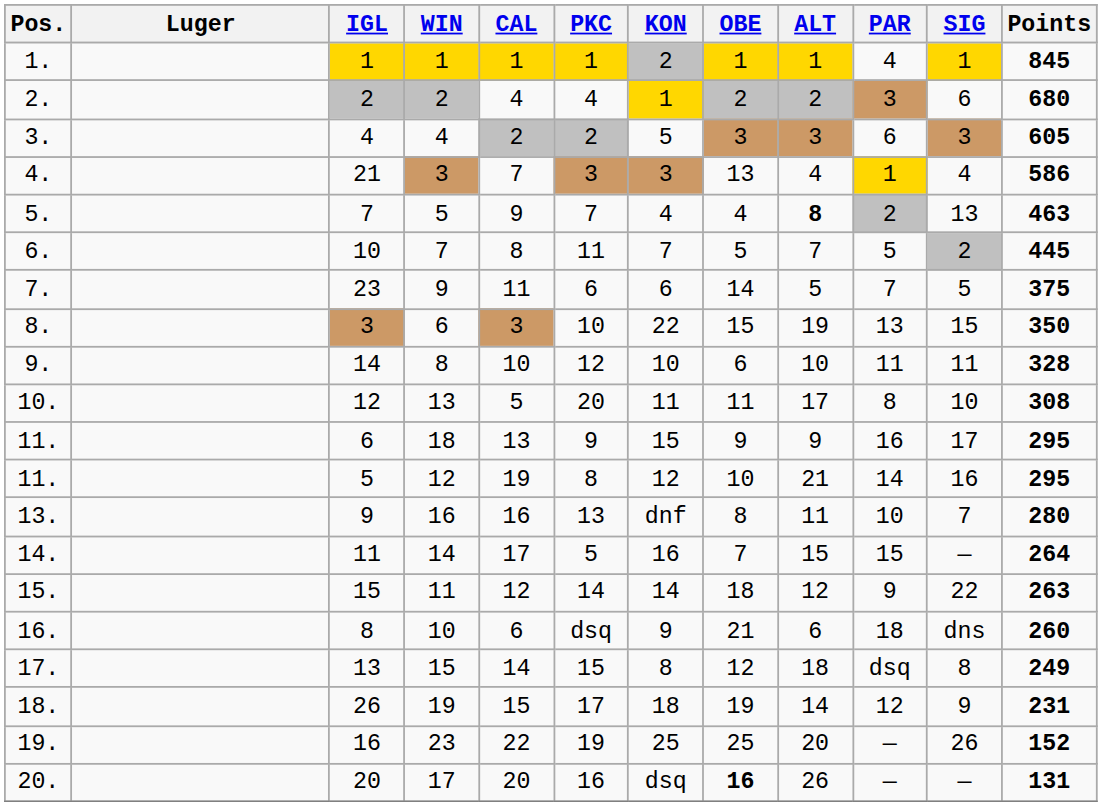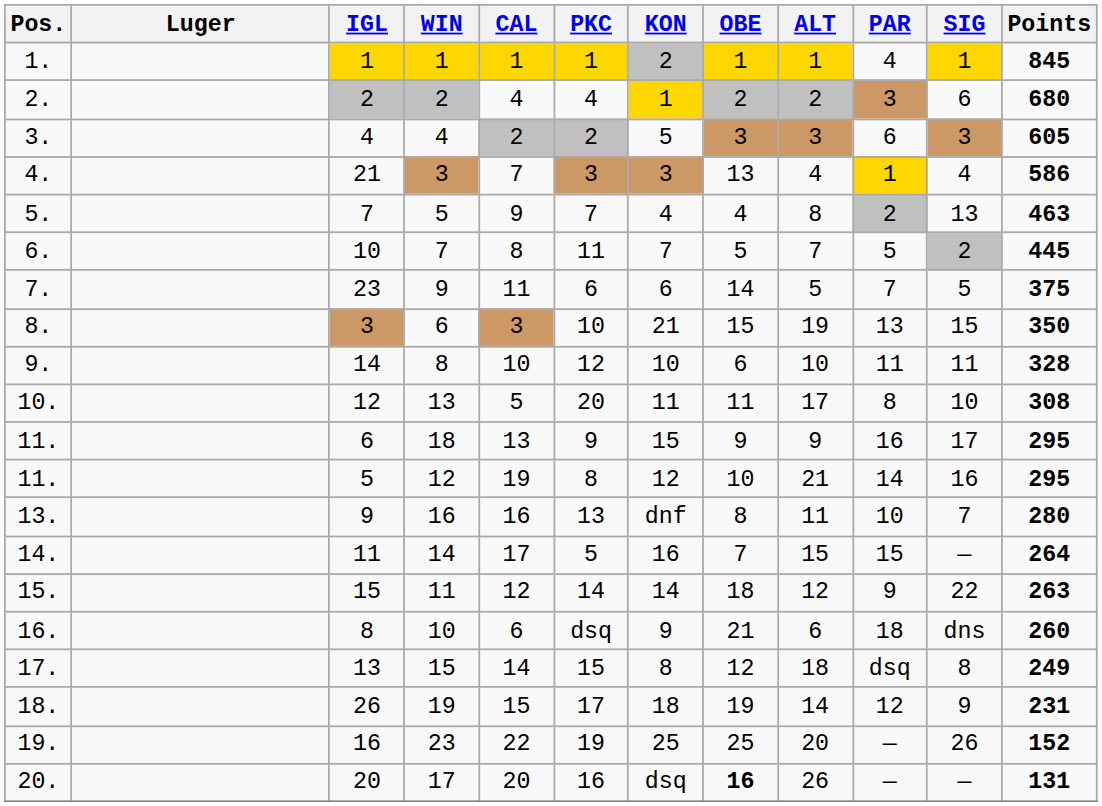 <table class=wikitable  bgcolor="#f7f8ff" cellpadding="3" cellspacing="0" border="1" style="text-align:center; border: gray solid 1px; border-collapse: collapse;">
 <tr bgcolor="#CCCCCC">
 <th width="10">Pos.</th>
 <th width="215">Luger</th>
 <th width="45"><a href='#'>IGL</a></th>
 <th width="45"><a href='#'>WIN</a></th>
 <th width="45"><a href='#'>CAL</a></th>
 <th width="45"><a href='#'>PKC</a></th>
 <th width="45"><a href='#'>KON</a></th>
 <th width="45"><a href='#'>OBE</a></th>
 <th width="45"><a href='#'>ALT</a></th>
 <th width="45"><a href='#'>PAR</a></th>
 <th width="45"><a href='#'>SIG</a></th>
 <th width="45">Points</th>
 </tr>
 <tr>
 <td>1.</td>
 <td align="left"></td>
 <td bgcolor="gold">1</td>
 <td bgcolor="gold">1</td>
 <td bgcolor="gold">1</td>
 <td bgcolor="gold">1</td>
 <td bgcolor="silver">2</td>
 <td bgcolor="gold">1</td>
 <td bgcolor="gold">1</td>
 <td>4</td>
 <td bgcolor="gold">1</td>
 <td><strong>845</strong></td>
 </tr>
 <tr>
 <td>2.</td>
 <td align="left"></td>
 <td bgcolor="silver">2</td>
 <td bgcolor="silver">2</td>
 <td>4</td>
 <td>4</td>
 <td bgcolor="gold">1</td>
 <td bgcolor="silver">2</td>
 <td bgcolor="silver">2</td>
 <td bgcolor="cc9966">3</td>
 <td>6</td>
 <td><strong>680</strong></td>
 </tr>
 <tr>
 <td>3.</td>
 <td align="left"></td>
 <td>4</td>
 <td>4</td>
 <td bgcolor="silver">2</td>
 <td bgcolor="silver">2</td>
 <td>5</td>
 <td bgcolor="cc9966">3</td>
 <td bgcolor="cc9966">3</td>
 <td>6</td>
 <td bgcolor="cc9966">3</td>
 <td><strong>605</strong></td>
 </tr>
 <tr>
 <td>4.</td>
 <td align="left"></td>
 <td>21</td>
 <td bgcolor="cc9966">3</td>
 <td>7</td>
 <td bgcolor="cc9966">3</td>
 <td bgcolor="cc9966">3</td>
 <td>13</td>
 <td>4</td>
 <td bgcolor="gold">1</td>
 <td>4</td>
 <td><strong>586</strong></td>
 </tr>
 <tr>
 <td>5.</td>
 <td align="left"></td>
 <td>7</td>
 <td>5</td>
 <td>9</td>
 <td>7</td>
 <td>4</td>
 <td>4</td>
-<td><strong>8</strong></td>
+<td>8</td>
 <td bgcolor="silver">2</td>
 <td>13</td>
 <td><strong>463</strong></td>
 </tr>
 <tr>
 <td>6.</td>
 <td align="left"></td>
 <td>10</td>
 <td>7</td>
 <td>8</td>
 <td>11</td>
 <td>7</td>
 <td>5</td>
 <td>7</td>
 <td>5</td>
 <td bgcolor="silver">2</td>
 <td><strong>445</strong></td>
 </tr>
 <tr>
 <td>7.</td>
 <td align="left"></td>
 <td>23</td>
 <td>9</td>
 <td>11</td>
 <td>6</td>
 <td>6</td>
 <td>14</td>
 <td>5</td>
 <td>7</td>
 <td>5</td>
 <td><strong>375</strong></td>
 </tr>
 <tr>
 <td>8.</td>
 <td align="left"></td>
 <td bgcolor="cc9966">3</td>
 <td>6</td>
 <td bgcolor="cc9966">3</td>
 <td>10</td>
-<td>22</td>
+<td>21</td>
 <td>15</td>
 <td>19</td>
 <td>13</td>
 <td>15</td>
 <td><strong>350</strong></td>
 </tr>
 <tr>
 <td>9.</td>
 <td align="left"></td>
 <td>14</td>
 <td>8</td>
 <td>10</td>
 <td>12</td>
 <td>10</td>
 <td>6</td>
 <td>10</td>
 <td>11</td>
 <td>11</td>
 <td><strong>328</strong></td>
 </tr>
 <tr>
 <td>10.</td>
 <td align="left"></td>
 <td>12</td>
 <td>13</td>
 <td>5</td>
 <td>20</td>
 <td>11</td>
 <td>11</td>
 <td>17</td>
 <td>8</td>
 <td>10</td>
 <td><strong>308</strong></td>
 </tr>
 <tr>
 <td>11.</td>
 <td align="left"></td>
 <td>6</td>
 <td>18</td>
 <td>13</td>
 <td>9</td>
 <td>15</td>
 <td>9</td>
 <td>9</td>
 <td>16</td>
 <td>17</td>
 <td><strong>295</strong></td>
 </tr>
 <tr>
 <td>11.</td>
 <td align="left"></td>
 <td>5</td>
 <td>12</td>
 <td>19</td>
 <td>8</td>
 <td>12</td>
 <td>10</td>
 <td>21</td>
 <td>14</td>
 <td>16</td>
 <td><strong>295</strong></td>
 </tr>
 <tr>
 <td>13.</td>
 <td align="left"></td>
 <td>9</td>
 <td>16</td>
 <td>16</td>
 <td>13</td>
 <td>dnf</td>
 <td>8</td>
 <td>11</td>
 <td>10</td>
 <td>7</td>
 <td><strong>280</strong></td>
 </tr>
 <tr>
 <td>14.</td>
 <td align="left"></td>
 <td>11</td>
 <td>14</td>
 <td>17</td>
 <td>5</td>
 <td>16</td>
 <td>7</td>
 <td>15</td>
 <td>15</td>
 <td>—</td>
 <td><strong>264</strong></td>
 </tr>
 <tr>
 <td>15.</td>
 <td align="left"></td>
 <td>15</td>
 <td>11</td>
 <td>12</td>
 <td>14</td>
 <td>14</td>
 <td>18</td>
 <td>12</td>
 <td>9</td>
 <td>22</td>
 <td><strong>263</strong></td>
 </tr>
 <tr>
 <td>16.</td>
 <td align="left"></td>
 <td>8</td>
 <td>10</td>
 <td>6</td>
 <td>dsq</td>
 <td>9</td>
 <td>21</td>
 <td>6</td>
 <td>18</td>
 <td>dns</td>
 <td><strong>260</strong></td>
 </tr>
 <tr>
 <td>17.</td>
 <td align="left"></td>
 <td>13</td>
 <td>15</td>
 <td>14</td>
 <td>15</td>
 <td>8</td>
 <td>12</td>
 <td>18</td>
 <td>dsq</td>
 <td>8</td>
 <td><strong>249</strong></td>
 </tr>
 <tr>
 <td>18.</td>
 <td align="left"></td>
 <td>26</td>
 <td>19</td>
 <td>15</td>
 <td>17</td>
 <td>18</td>
 <td>19</td>
 <td>14</td>
 <td>12</td>
 <td>9</td>
 <td><strong>231</strong></td>
 </tr>
 <tr>
 <td>19.</td>
 <td align="left"></td>
 <td>16</td>
 <td>23</td>
 <td>22</td>
 <td>19</td>
 <td>25</td>
 <td>25</td>
 <td>20</td>
 <td>—</td>
 <td>26</td>
 <td><strong>152</strong></td>
 </tr>
 <tr>
 <td>20.</td>
 <td align="left"></td>
 <td>20</td>
 <td>17</td>
 <td>20</td>
 <td>16</td>
 <td>dsq</td>
 <td><strong>16</strong></td>
 <td>26</td>
 <td>—</td>
 <td>—</td>
 <td><strong>131</strong></td>
 </tr>
 <tr>
 </tr>
 </table>
